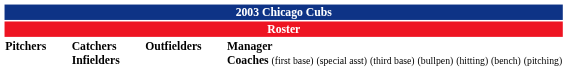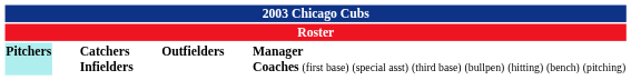 <table class="toccolours" style="font-size: 95%;">
 <tr>
 <th colspan="10" style="background-color: #0e3386; color: #FFFFFF; text-align: center;">2003 Chicago Cubs</th>
 </tr>
 <tr>
 <td colspan="10" style="background-color: #EE1422; color: #FFFFFF; text-align: center;"><strong>Roster</strong></td>
 </tr>
 <tr>
-<td valign="top"><strong>Pitchers</strong><br>                </td>
+<td valign="top" style="background: paleturquoise;"><strong>Pitchers</strong><br>                </td>
 <td width="25px"></td>
 <td valign="top"><strong>Catchers</strong><br>   <strong>Infielders</strong>             </td>
 <td width="25px"></td>
 <td valign="top"><strong>Outfielders</strong><br>        </td>
 <td width="25px"></td>
 <td valign="top"><strong>Manager</strong><br> <strong>Coaches</strong>  <small>(first base)</small>  <small>(special asst)</small>  <small>(third base)</small>  <small>(bullpen)</small>  <small>(hitting)</small>  <small>(bench)</small>  <small>(pitching)</small></td>
 </tr>
 </table>
